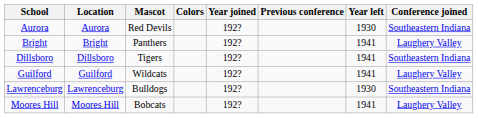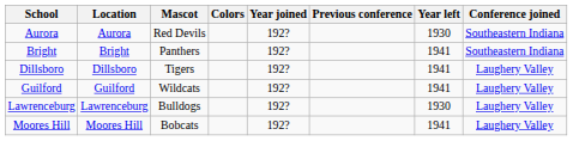 <table class="wikitable" style="text-align:center;">
 <tr>
 <th>School</th>
 <th>Location</th>
 <th>Mascot</th>
 <th>Colors</th>
 <th>Year joined</th>
 <th>Previous conference</th>
 <th>Year left</th>
 <th>Conference joined</th>
 </tr>
 <tr>
 <td><a href='#'>Aurora</a></td>
 <td><a href='#'>Aurora</a></td>
 <td>Red Devils</td>
 <td> </td>
 <td>192?</td>
 <td></td>
 <td>1930</td>
 <td><a href='#'>Southeastern Indiana</a></td>
 </tr>
 <tr>
 <td><a href='#'>Bright</a></td>
 <td><a href='#'>Bright</a></td>
 <td>Panthers</td>
 <td> </td>
 <td>192?</td>
 <td></td>
 <td>1941</td>
-<td><a href='#'>Laughery Valley</a></td>
+<td><a href='#'>Southeastern Indiana</a></td>
 </tr>
 <tr>
 <td><a href='#'>Dillsboro</a></td>
 <td><a href='#'>Dillsboro</a></td>
 <td>Tigers</td>
 <td>  </td>
 <td>192?</td>
 <td></td>
 <td>1941</td>
-<td><a href='#'>Southeastern Indiana</a></td>
+<td><a href='#'>Laughery Valley</a></td>
 </tr>
 <tr>
 <td><a href='#'>Guilford</a></td>
 <td><a href='#'>Guilford</a></td>
 <td>Wildcats</td>
 <td> </td>
 <td>192?</td>
 <td></td>
 <td>1941</td>
 <td><a href='#'>Laughery Valley</a></td>
 </tr>
 <tr>
 <td><a href='#'>Lawrenceburg</a></td>
 <td><a href='#'>Lawrenceburg</a></td>
 <td>Bulldogs</td>
 <td>  </td>
 <td>192?</td>
 <td></td>
 <td>1930</td>
-<td><a href='#'>Southeastern Indiana</a></td>
+<td><a href='#'>Laughery Valley</a></td>
 </tr>
 <tr>
 <td><a href='#'>Moores Hill</a></td>
 <td><a href='#'>Moores Hill</a></td>
 <td>Bobcats</td>
 <td> </td>
 <td>192?</td>
 <td></td>
 <td>1941</td>
 <td><a href='#'>Laughery Valley</a></td>
 </tr>
 </table>
